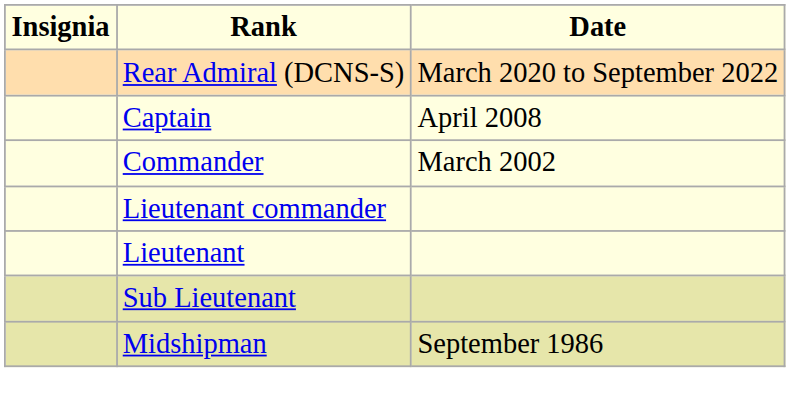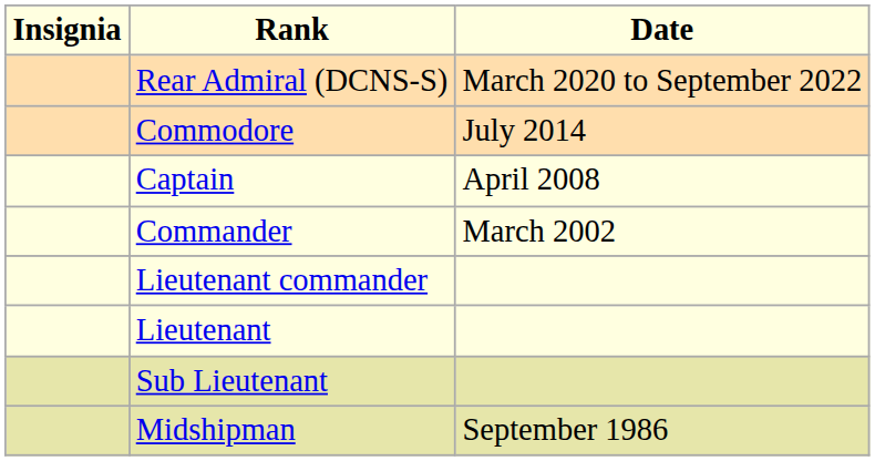 <table class="wikitable">
 <tr>
 <th style="background:#FFFFE0">Insignia</th>
 <th style="background:#FFFFE0">Rank</th>
 <th style="background:#FFFFE0">Date</th>
 </tr>
 <tr>
 <td style="background:#FFDEAD;"></td>
 <td style="background:#FFDEAD;"><a href='#'>Rear Admiral</a> (DCNS-S)</td>
 <td style="background:#FFDEAD;">March 2020 to September 2022</td>
+</tr>
+<tr>
+<td style="background:#FFDEAD;"></td>
+<td style="background:#FFDEAD;"><a href='#'>Commodore</a></td>
+<td style="background:#FFDEAD;">July 2014</td>
 </tr>
 <tr>
 <td style="background:#FFFFE0;"></td>
 <td style="background:#FFFFE0;"><a href='#'>Captain</a></td>
 <td style="background:#FFFFE0;">April 2008</td>
 </tr>
 <tr>
 <td style="background:#FFFFE0;"></td>
 <td style="background:#FFFFE0;"><a href='#'>Commander</a></td>
 <td style="background:#FFFFE0;">March 2002</td>
 </tr>
 <tr>
 <td style="background:#FFFFE0;"></td>
 <td style="background:#FFFFE0;"><a href='#'>Lieutenant commander</a></td>
 <td style="background:#FFFFE0;"></td>
 </tr>
 <tr>
 <td style="background:#FFFFE0;"></td>
 <td style="background:#FFFFE0;"><a href='#'>Lieutenant</a></td>
 <td style="background:#FFFFE0;"></td>
 </tr>
 <tr>
 <td style="background:#e6e6aa;"></td>
 <td style="background:#e6e6aa;"><a href='#'>Sub Lieutenant</a></td>
 <td style="background:#e6e6aa;"></td>
 </tr>
 <tr>
 <td style="background:#e6e6aa;"></td>
 <td style="background:#e6e6aa;"><a href='#'>Midshipman</a></td>
 <td style="background:#e6e6aa;">September 1986</td>
 </tr>
 </table>
